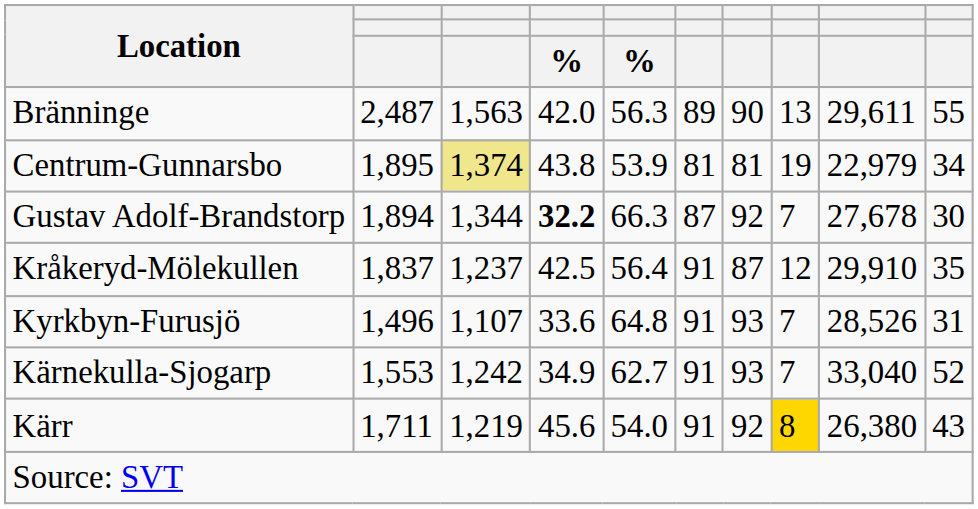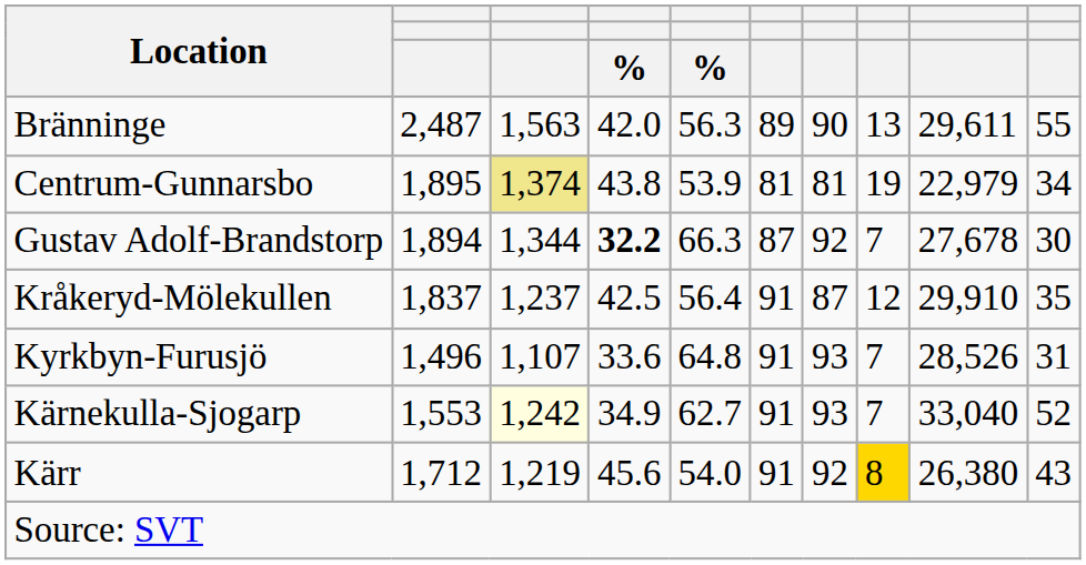 <table role="presentation" class="wikitable sortable mw-collapsible">
 <tr>
 <th rowspan="3">Location</th>
 <th></th>
 <th></th>
 <th></th>
 <th></th>
 <th></th>
 <th></th>
 <th></th>
 <th></th>
 <th></th>
 </tr>
 <tr>
 <th></th>
 <th></th>
 <th style="background:"></th>
 <th style="background:"></th>
 <th></th>
 <th></th>
 <th></th>
 <th></th>
 <th></th>
 </tr>
 <tr>
 <th data-sort-type="number"></th>
 <th data-sort-type="number"></th>
 <th data-sort-type="number">%</th>
 <th data-sort-type="number">%</th>
 <th data-sort-type="number"></th>
 <th data-sort-type="number"></th>
 <th data-sort-type="number"></th>
 <th data-sort-type="number"></th>
 <th data-sort-type="number"></th>
 </tr>
 <tr>
 <td align="left">Bränninge</td>
 <td>2,487</td>
 <td>1,563</td>
 <td>42.0</td>
 <td>56.3</td>
 <td>89</td>
 <td>90</td>
 <td>13</td>
 <td>29,611</td>
 <td>55</td>
 </tr>
 <tr>
 <td align="left">Centrum-Gunnarsbo</td>
 <td>1,895</td>
 <td style="background: khaki;">1,374</td>
 <td>43.8</td>
 <td>53.9</td>
 <td>81</td>
 <td>81</td>
 <td>19</td>
 <td>22,979</td>
 <td>34</td>
 </tr>
 <tr>
 <td align="left">Gustav Adolf-Brandstorp</td>
 <td>1,894</td>
 <td>1,344</td>
 <td><strong>32.2</strong></td>
 <td>66.3</td>
 <td>87</td>
 <td>92</td>
 <td>7</td>
 <td>27,678</td>
 <td>30</td>
 </tr>
 <tr>
 <td align="left">Kråkeryd-Mölekullen</td>
 <td>1,837</td>
 <td>1,237</td>
 <td>42.5</td>
 <td>56.4</td>
 <td>91</td>
 <td>87</td>
 <td>12</td>
 <td>29,910</td>
 <td>35</td>
 </tr>
 <tr>
 <td align="left">Kyrkbyn-Furusjö</td>
 <td>1,496</td>
 <td>1,107</td>
 <td>33.6</td>
 <td>64.8</td>
 <td>91</td>
 <td>93</td>
 <td>7</td>
 <td>28,526</td>
 <td>31</td>
 </tr>
 <tr>
 <td align="left">Kärnekulla-Sjogarp</td>
 <td>1,553</td>
-<td>1,242</td>
+<td style="background: lightyellow;">1,242</td>
 <td>34.9</td>
 <td>62.7</td>
 <td>91</td>
 <td>93</td>
 <td>7</td>
 <td>33,040</td>
 <td>52</td>
 </tr>
 <tr>
 <td align="left">Kärr</td>
-<td>1,711</td>
+<td>1,712</td>
 <td>1,219</td>
 <td>45.6</td>
 <td>54.0</td>
 <td>91</td>
 <td>92</td>
 <td style="background: gold;">8</td>
 <td>26,380</td>
 <td>43</td>
 </tr>
 <tr>
 <td colspan="10" align="left">Source: <a href='#'>SVT</a></td>
 </tr>
 </table>
